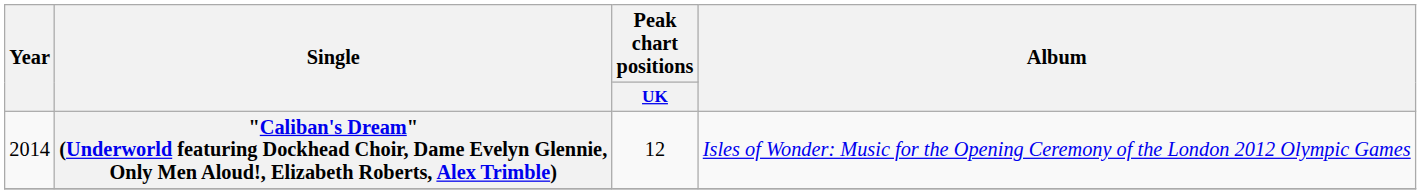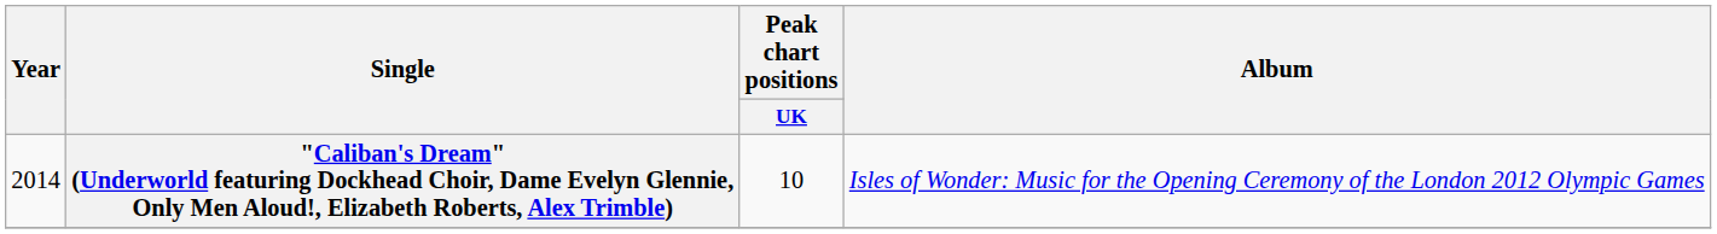 <table class="wikitable plainrowheaders" style="text-align:center;">
 <tr>
 <th scope="col" rowspan="2">Year</th>
 <th scope="col" rowspan="2">Single</th>
 <th scope="col" colspan="1">Peak chart positions</th>
 <th scope="col" rowspan="2">Album</th>
 </tr>
 <tr>
 <th scope="col" style="width:3em;font-size:85%;"><a href='#'>UK</a><br></th>
 </tr>
 <tr>
 <td>2014</td>
 <th scope="row">"<a href='#'>Caliban's Dream</a>"<br><span>(<a href='#'>Underworld</a> featuring Dockhead Choir, Dame Evelyn Glennie,<br><strong>Only Men Aloud!</strong>, Elizabeth Roberts, <a href='#'>Alex Trimble</a>)</span></th>
-<td>12</td>
+<td>10</td>
 <td><em><a href='#'>Isles of Wonder: Music for the Opening Ceremony of the London 2012 Olympic Games</a></em></td>
 </tr>
 <tr>
 </tr>
 </table>
